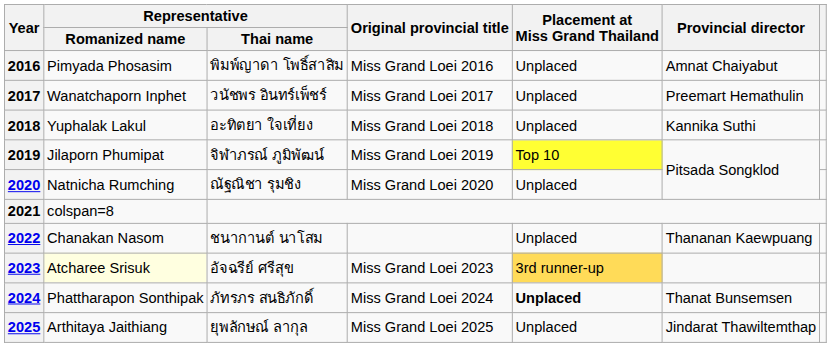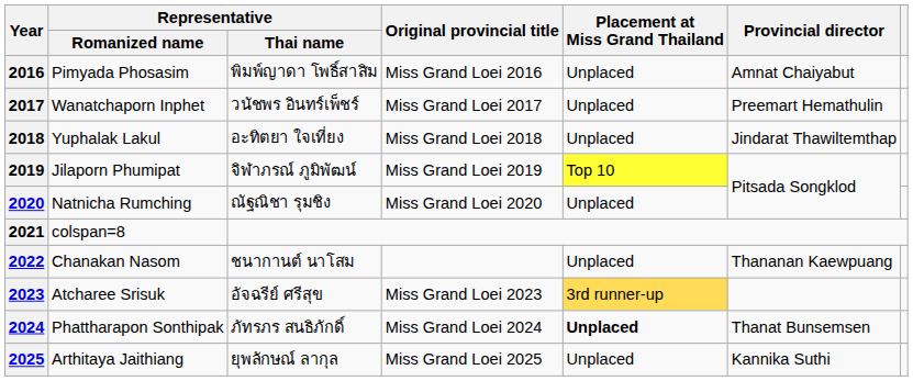 <table class="wikitable defaultcenter col2left col3left col6left" style="font-size:95%;">
 <tr>
 <th rowspan=2>Year</th>
 <th colspan=2>Representative</th>
 <th rowspan=2>Original provincial title</th>
 <th rowspan=2>Placement at<br>Miss Grand Thailand</th>
 <th rowspan=2>Provincial director</th>
 <th rowspan=2></th>
 </tr>
 <tr>
 <th>Romanized name</th>
 <th>Thai name</th>
 </tr>
 <tr>
 <th>2016</th>
 <td>Pimyada Phosasim</td>
 <td>พิมพ์ญาดา โพธิ์สาสิม</td>
 <td>Miss Grand Loei 2016</td>
 <td>Unplaced</td>
 <td>Amnat Chaiyabut</td>
 <td></td>
 </tr>
 <tr>
 <th>2017</th>
 <td>Wanatchaporn Inphet</td>
 <td>วนัชพร อินทร์เพ็ชร์</td>
 <td>Miss Grand Loei 2017</td>
 <td>Unplaced</td>
 <td>Preemart Hemathulin</td>
 <td></td>
 </tr>
 <tr>
 <th>2018</th>
 <td>Yuphalak Lakul</td>
 <td>อะทิตยา ใจเที่ยง</td>
 <td>Miss Grand Loei 2018</td>
 <td>Unplaced</td>
-<td>Kannika Suthi</td>
+<td>Jindarat Thawiltemthap</td>
 <td></td>
 </tr>
 <tr>
 <th>2019</th>
 <td>Jilaporn Phumipat</td>
 <td>จิฬาภรณ์ ภูมิพัฒน์</td>
 <td>Miss Grand Loei 2019</td>
 <td bgcolor=#FFFF33>Top 10</td>
 <td rowspan=2>Pitsada Songklod</td>
 <td></td>
 </tr>
 <tr>
 <th><a href='#'>2020</a></th>
 <td>Natnicha Rumching</td>
 <td>ณัฐณิชา รุมชิง</td>
 <td>Miss Grand Loei 2020</td>
 <td>Unplaced</td>
 <td></td>
 </tr>
 <tr>
 <th>2021</th>
 <td>colspan=8 </td>
 </tr>
 <tr>
 <th><a href='#'>2022</a></th>
 <td>Chanakan Nasom</td>
 <td>ชนากานต์ นาโสม</td>
 <td></td>
 <td>Unplaced</td>
 <td>Thananan Kaewpuang</td>
 <td></td>
 </tr>
 <tr>
 <th><a href='#'>2023</a></th>
-<td style="background: lightyellow;">Atcharee Srisuk</td>
+<td>Atcharee Srisuk</td>
 <td>อัจฉรีย์ ศรีสุข</td>
 <td>Miss Grand Loei 2023</td>
 <td bgcolor=#FFDB58>3rd runner-up</td>
 <td></td>
 <td></td>
 </tr>
 <tr>
 <th><a href='#'>2024</a></th>
 <td>Phattharapon Sonthipak</td>
 <td>ภัทรภร สนธิภักดิ์</td>
 <td>Miss Grand Loei 2024</td>
 <td><strong>Unplaced</strong></td>
 <td>Thanat Bunsemsen</td>
 <td></td>
 </tr>
 <tr>
 <th><a href='#'>2025</a></th>
 <td>Arthitaya Jaithiang</td>
 <td>ยุพลักษณ์ ลากุล</td>
 <td>Miss Grand Loei 2025</td>
 <td>Unplaced</td>
-<td>Jindarat Thawiltemthap</td>
+<td>Kannika Suthi</td>
 <td></td>
 </tr>
 </table>
